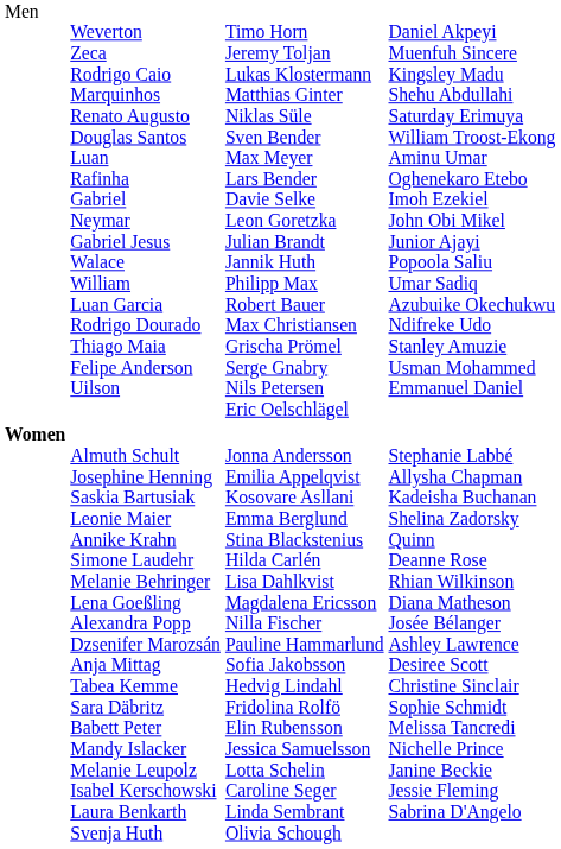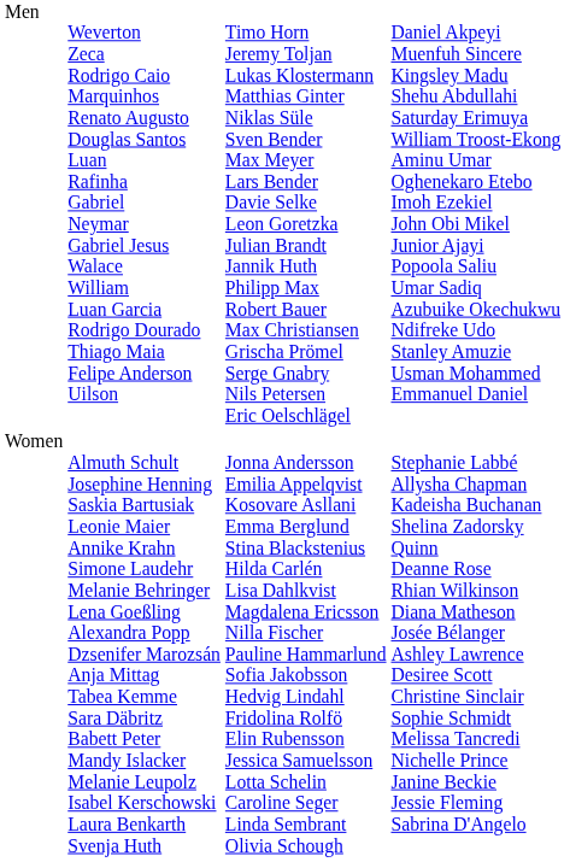 <table>
 <tr valign="top">
 <td>Men<br></td>
 <td><br><a href='#'>Weverton</a><br><a href='#'>Zeca</a><br><a href='#'>Rodrigo Caio</a><br><a href='#'>Marquinhos</a><br><a href='#'>Renato Augusto</a><br><a href='#'>Douglas Santos</a><br><a href='#'>Luan</a><br><a href='#'>Rafinha</a><br><a href='#'>Gabriel</a><br><a href='#'>Neymar</a><br><a href='#'>Gabriel Jesus</a><br><a href='#'>Walace</a><br><a href='#'>William</a><br><a href='#'>Luan Garcia</a><br><a href='#'>Rodrigo Dourado</a><br><a href='#'>Thiago Maia</a><br><a href='#'>Felipe Anderson</a><br><a href='#'>Uilson</a></td>
 <td><br><a href='#'>Timo Horn</a><br><a href='#'>Jeremy Toljan</a><br><a href='#'>Lukas Klostermann</a><br><a href='#'>Matthias Ginter</a><br><a href='#'>Niklas Süle</a><br><a href='#'>Sven Bender</a><br><a href='#'>Max Meyer</a><br><a href='#'>Lars Bender</a><br><a href='#'>Davie Selke</a><br><a href='#'>Leon Goretzka</a><br><a href='#'>Julian Brandt</a><br><a href='#'>Jannik Huth</a><br><a href='#'>Philipp Max</a><br><a href='#'>Robert Bauer</a><br><a href='#'>Max Christiansen</a><br><a href='#'>Grischa Prömel</a><br><a href='#'>Serge Gnabry</a><br><a href='#'>Nils Petersen</a><br><a href='#'>Eric Oelschlägel</a></td>
 <td><br><a href='#'>Daniel Akpeyi</a><br><a href='#'>Muenfuh Sincere</a><br><a href='#'>Kingsley Madu</a><br><a href='#'>Shehu Abdullahi</a><br><a href='#'>Saturday Erimuya</a><br><a href='#'>William Troost-Ekong</a><br><a href='#'>Aminu Umar</a><br><a href='#'>Oghenekaro Etebo</a><br><a href='#'>Imoh Ezekiel</a><br><a href='#'>John Obi Mikel</a><br><a href='#'>Junior Ajayi</a><br><a href='#'>Popoola Saliu</a><br><a href='#'>Umar Sadiq</a><br><a href='#'>Azubuike Okechukwu</a><br><a href='#'>Ndifreke Udo</a><br><a href='#'>Stanley Amuzie</a><br><a href='#'>Usman Mohammed</a><br><a href='#'>Emmanuel Daniel</a></td>
 </tr>
 <tr valign="top">
-<td><strong>Women<br></strong></td>
+<td>Women<br></td>
 <td><br><a href='#'>Almuth Schult</a><br><a href='#'>Josephine Henning</a><br><a href='#'>Saskia Bartusiak</a><br><a href='#'>Leonie Maier</a><br><a href='#'>Annike Krahn</a><br><a href='#'>Simone Laudehr</a><br><a href='#'>Melanie Behringer</a><br><a href='#'>Lena Goeßling</a><br><a href='#'>Alexandra Popp</a><br><a href='#'>Dzsenifer Marozsán</a><br><a href='#'>Anja Mittag</a><br><a href='#'>Tabea Kemme</a><br><a href='#'>Sara Däbritz</a><br><a href='#'>Babett Peter</a><br><a href='#'>Mandy Islacker</a><br><a href='#'>Melanie Leupolz</a><br><a href='#'>Isabel Kerschowski</a><br><a href='#'>Laura Benkarth</a><br><a href='#'>Svenja Huth</a></td>
 <td><br><a href='#'>Jonna Andersson</a><br><a href='#'>Emilia Appelqvist</a><br><a href='#'>Kosovare Asllani</a><br><a href='#'>Emma Berglund</a><br><a href='#'>Stina Blackstenius</a><br><a href='#'>Hilda Carlén</a><br><a href='#'>Lisa Dahlkvist</a><br><a href='#'>Magdalena Ericsson</a><br><a href='#'>Nilla Fischer</a><br><a href='#'>Pauline Hammarlund</a><br><a href='#'>Sofia Jakobsson</a><br><a href='#'>Hedvig Lindahl</a><br><a href='#'>Fridolina Rolfö</a><br><a href='#'>Elin Rubensson</a><br><a href='#'>Jessica Samuelsson</a><br><a href='#'>Lotta Schelin</a><br><a href='#'>Caroline Seger</a><br><a href='#'>Linda Sembrant</a><br><a href='#'>Olivia Schough</a></td>
 <td><br><a href='#'>Stephanie Labbé</a><br><a href='#'>Allysha Chapman</a><br><a href='#'>Kadeisha Buchanan</a><br><a href='#'>Shelina Zadorsky</a><br><a href='#'>Quinn</a><br><a href='#'>Deanne Rose</a><br><a href='#'>Rhian Wilkinson</a><br><a href='#'>Diana Matheson</a><br><a href='#'>Josée Bélanger</a><br><a href='#'>Ashley Lawrence</a><br><a href='#'>Desiree Scott</a><br><a href='#'>Christine Sinclair</a><br><a href='#'>Sophie Schmidt</a><br><a href='#'>Melissa Tancredi</a><br><a href='#'>Nichelle Prince</a><br><a href='#'>Janine Beckie</a><br><a href='#'>Jessie Fleming</a><br><a href='#'>Sabrina D'Angelo</a></td>
 </tr>
 </table>
